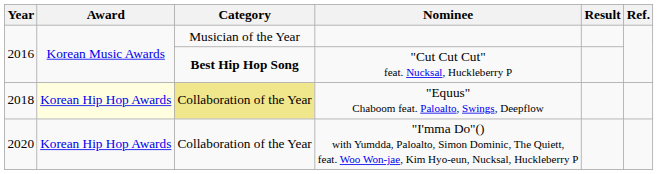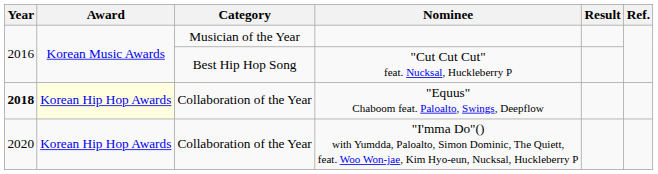 <table class="wikitable plainrowheaders" style="text-align:center;">
 <tr>
 <th>Year</th>
 <th>Award</th>
 <th>Category</th>
 <th>Nominee</th>
 <th>Result</th>
 <th>Ref.</th>
 </tr>
 <tr>
 <td rowspan="2">2016</td>
 <td rowspan="2"><a href='#'>Korean Music Awards</a></td>
 <td>Musician of the Year</td>
 <td></td>
 <td></td>
 <td rowspan="2"></td>
 </tr>
 <tr>
-<td><strong>Best Hip Hop Song</strong></td>
+<td>Best Hip Hop Song</td>
 <td>"Cut Cut Cut"<br><small>feat. <a href='#'>Nucksal</a>, Huckleberry P</small></td>
 <td></td>
 </tr>
 <tr>
-<td>2018</td>
+<td><strong>2018</strong></td>
 <td style="background: lightyellow;"><a href='#'>Korean Hip Hop Awards</a></td>
-<td style="background: khaki;">Collaboration of the Year</td>
+<td>Collaboration of the Year</td>
 <td>"Equus"<br><small>Chaboom feat. <a href='#'>Paloalto</a>, <a href='#'>Swings</a>, Deepflow</small></td>
 <td></td>
 <td></td>
 </tr>
 <tr>
 <td>2020</td>
 <td><a href='#'>Korean Hip Hop Awards</a></td>
 <td>Collaboration of the Year</td>
 <td>"I'mma Do"()<br><small>with Yumdda, Paloalto, Simon Dominic, The Quiett,<br>feat. <a href='#'>Woo Won-jae</a>, Kim Hyo-eun, Nucksal, Huckleberry P</small></td>
 <td></td>
 </tr>
 </table>
